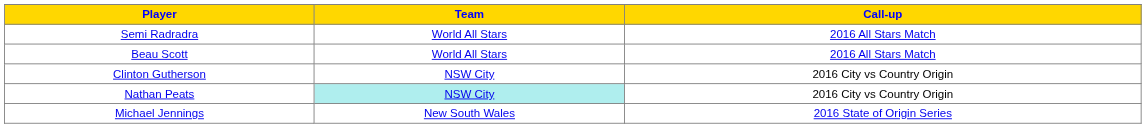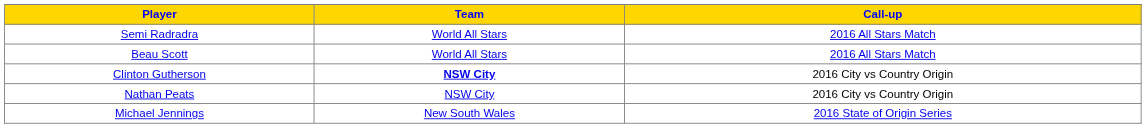 <table border="1" cellpadding="3" cellspacing="0" style="border-collapse:collapse; font-size:80%; text-align:center; width:100%;">
 <tr style="background:#bdb76b;">
 </tr>
 <tr bgcolor=#bdb76b>
 <th style="background:gold; color:blue; text-align:center; width:15%;">Player</th>
 <th style="background:gold; color:blue; text-align:center; width:15%;">Team</th>
 <th style="background:gold; color:blue; text-align:center; width:25%;">Call-up</th>
 </tr>
 <tr>
 <td><a href='#'>Semi Radradra</a></td>
 <td><a href='#'>World All Stars</a></td>
 <td><a href='#'>2016 All Stars Match</a></td>
 </tr>
 <tr>
 <td><a href='#'>Beau Scott</a></td>
 <td><a href='#'>World All Stars</a></td>
 <td><a href='#'>2016 All Stars Match</a></td>
 </tr>
 <tr>
 <td><a href='#'>Clinton Gutherson</a></td>
-<td> <a href='#'>NSW City</a></td>
+<td><strong> <a href='#'>NSW City</a></strong></td>
 <td>2016 City vs Country Origin</td>
 </tr>
 <tr>
 <td><a href='#'>Nathan Peats</a></td>
-<td style="background: paleturquoise;"> <a href='#'>NSW City</a></td>
+<td> <a href='#'>NSW City</a></td>
 <td>2016 City vs Country Origin</td>
 </tr>
 <tr>
 <td><a href='#'>Michael Jennings</a></td>
 <td> <a href='#'>New South Wales</a></td>
 <td><a href='#'>2016 State of Origin Series</a></td>
 </tr>
 </table>
